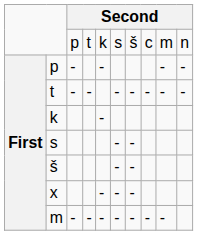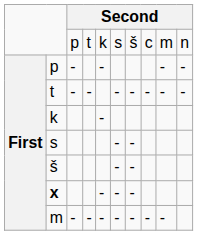 <table class="wikitable">
 <tr>
 <td colspan="2" rowspan="2"></td>
 <th colspan="8">Second</th>
 </tr>
 <tr>
 <td>p</td>
 <td>t</td>
 <td>k</td>
 <td>s</td>
 <td>š</td>
 <td>c</td>
 <td>m</td>
 <td>n</td>
 </tr>
 <tr>
 <th rowspan="7">First</th>
 <td>p</td>
 <td>-</td>
 <td></td>
 <td>-</td>
 <td></td>
 <td></td>
 <td></td>
 <td>-</td>
 <td>-</td>
 </tr>
 <tr>
 <td>t</td>
 <td>-</td>
 <td>-</td>
 <td></td>
 <td>-</td>
 <td>-</td>
 <td>-</td>
 <td>-</td>
 <td>-</td>
 </tr>
 <tr>
 <td>k</td>
 <td></td>
 <td></td>
 <td>-</td>
 <td></td>
 <td></td>
 <td></td>
 <td></td>
 <td></td>
 </tr>
 <tr>
 <td>s</td>
 <td></td>
 <td></td>
 <td></td>
 <td>-</td>
 <td>-</td>
 <td></td>
 <td></td>
 <td></td>
 </tr>
 <tr>
 <td>š</td>
 <td></td>
 <td></td>
 <td></td>
 <td>-</td>
 <td>-</td>
 <td></td>
 <td></td>
 <td></td>
 </tr>
 <tr>
-<td>x</td>
+<td><strong>x</strong></td>
 <td></td>
 <td></td>
 <td>-</td>
 <td>-</td>
 <td>-</td>
 <td></td>
 <td></td>
 <td></td>
 </tr>
 <tr>
 <td>m</td>
 <td>-</td>
 <td>-</td>
 <td>-</td>
 <td>-</td>
 <td>-</td>
 <td>-</td>
 <td>-</td>
 <td></td>
 </tr>
 </table>
